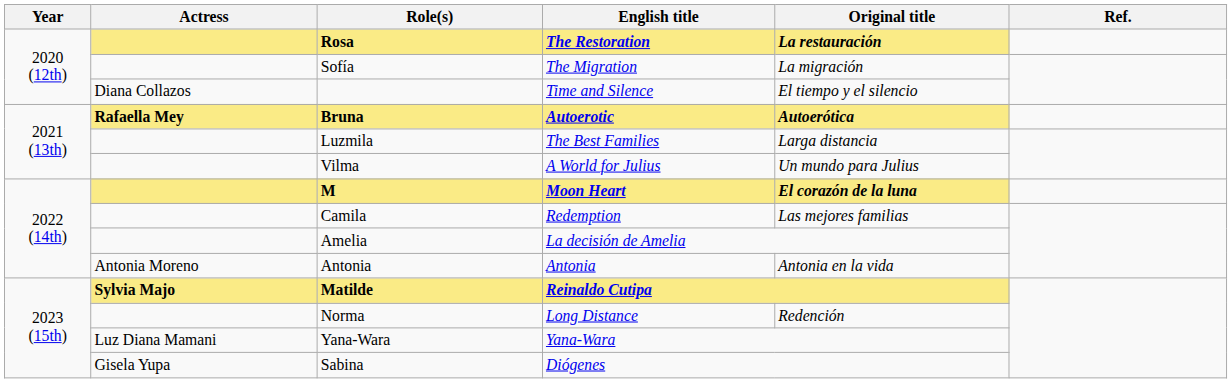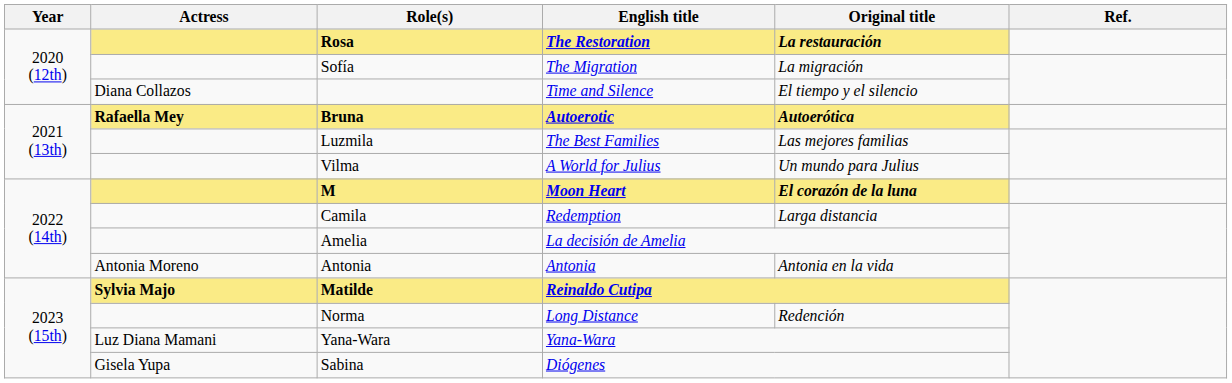 <table class="wikitable">
 <tr>
 <th width="100">Year</th>
 <th width="300">Actress</th>
 <th width="300">Role(s)</th>
 <th width="300">English title</th>
 <th width="300">Original title</th>
 <th width="300">Ref.</th>
 </tr>
 <tr>
 <td rowspan="3" style="text-align:center;">2020<br>(<a href='#'>12th</a>)</td>
 <td style="background:#FAEB86"><strong></strong></td>
 <td style="background:#FAEB86;"><strong>Rosa</strong></td>
 <td style="background:#FAEB86;"><strong><em><a href='#'>The Restoration</a></em></strong></td>
 <td style="background:#FAEB86;"><strong><em>La restauración</em></strong></td>
 <td style="text-align:center;"></td>
 </tr>
 <tr>
 <td></td>
 <td>Sofía</td>
 <td><em><a href='#'>The Migration</a></em></td>
 <td><em>La migración</em></td>
 <td rowspan="2" style="text-align:center;"></td>
 </tr>
 <tr>
 <td>Diana Collazos</td>
 <td></td>
 <td><em><a href='#'>Time and Silence</a></em></td>
 <td><em>El tiempo y el silencio</em></td>
 </tr>
 <tr>
 <td rowspan="3" style="text-align:center;">2021<br>(<a href='#'>13th</a>)</td>
 <td style="background:#FAEB86"><strong>Rafaella Mey</strong></td>
 <td style="background:#FAEB86;"><strong>Bruna</strong></td>
 <td style="background:#FAEB86;"><strong><em><a href='#'>Autoerotic</a></em></strong></td>
 <td style="background:#FAEB86;"><strong><em>Autoerótica</em></strong></td>
 <td style="text-align:center;"></td>
 </tr>
 <tr>
 <td></td>
 <td>Luzmila</td>
 <td><em><a href='#'>The Best Families</a></em></td>
-<td><em>Larga distancia</em></td>
+<td><em>Las mejores familias</em></td>
 <td rowspan="2" style="text-align:center;"></td>
 </tr>
 <tr>
 <td></td>
 <td>Vilma</td>
 <td><em><a href='#'>A World for Julius</a></em></td>
 <td><em>Un mundo para Julius</em></td>
 </tr>
 <tr>
 <td rowspan="4" style="text-align:center;">2022<br>(<a href='#'>14th</a>)</td>
 <td style="background:#FAEB86"><strong></strong></td>
 <td style="background:#FAEB86;"><strong>M</strong></td>
 <td style="background:#FAEB86;"><strong><em><a href='#'>Moon Heart</a></em></strong></td>
 <td style="background:#FAEB86;"><strong><em>El corazón de la luna</em></strong></td>
 <td style="text-align:center;"></td>
 </tr>
 <tr>
 <td></td>
 <td>Camila</td>
 <td><em><a href='#'>Redemption</a></em></td>
-<td><em>Las mejores familias</em></td>
+<td><em>Larga distancia</em></td>
 <td rowspan="3" style="text-align:center;"></td>
 </tr>
 <tr>
 <td></td>
 <td>Amelia</td>
 <td colspan="2"><em><a href='#'>La decisión de Amelia</a></em></td>
 </tr>
 <tr>
 <td>Antonia Moreno</td>
 <td>Antonia</td>
 <td><em><a href='#'>Antonia</a></em></td>
 <td><em>Antonia en la vida</em></td>
 </tr>
 <tr>
 <td rowspan="4" style="text-align:center;">2023<br>(<a href='#'>15th</a>)</td>
 <td style="background:#FAEB86"><strong>Sylvia Majo</strong></td>
 <td style="background:#FAEB86;"><strong>Matilde</strong></td>
 <td colspan="2" style="background:#FAEB86;"><strong><em><a href='#'>Reinaldo Cutipa</a></em></strong></td>
 <td rowspan="4" style="text-align:center;"></td>
 </tr>
 <tr>
 <td></td>
 <td>Norma</td>
 <td><em><a href='#'>Long Distance</a></em></td>
 <td><em>Redención</em></td>
 </tr>
 <tr>
 <td>Luz Diana Mamani</td>
 <td>Yana-Wara</td>
 <td colspan="2"><em><a href='#'>Yana-Wara</a></em></td>
 </tr>
 <tr>
 <td>Gisela Yupa</td>
 <td>Sabina</td>
 <td colspan="2"><em><a href='#'>Diógenes</a></em></td>
 </tr>
 </table>
